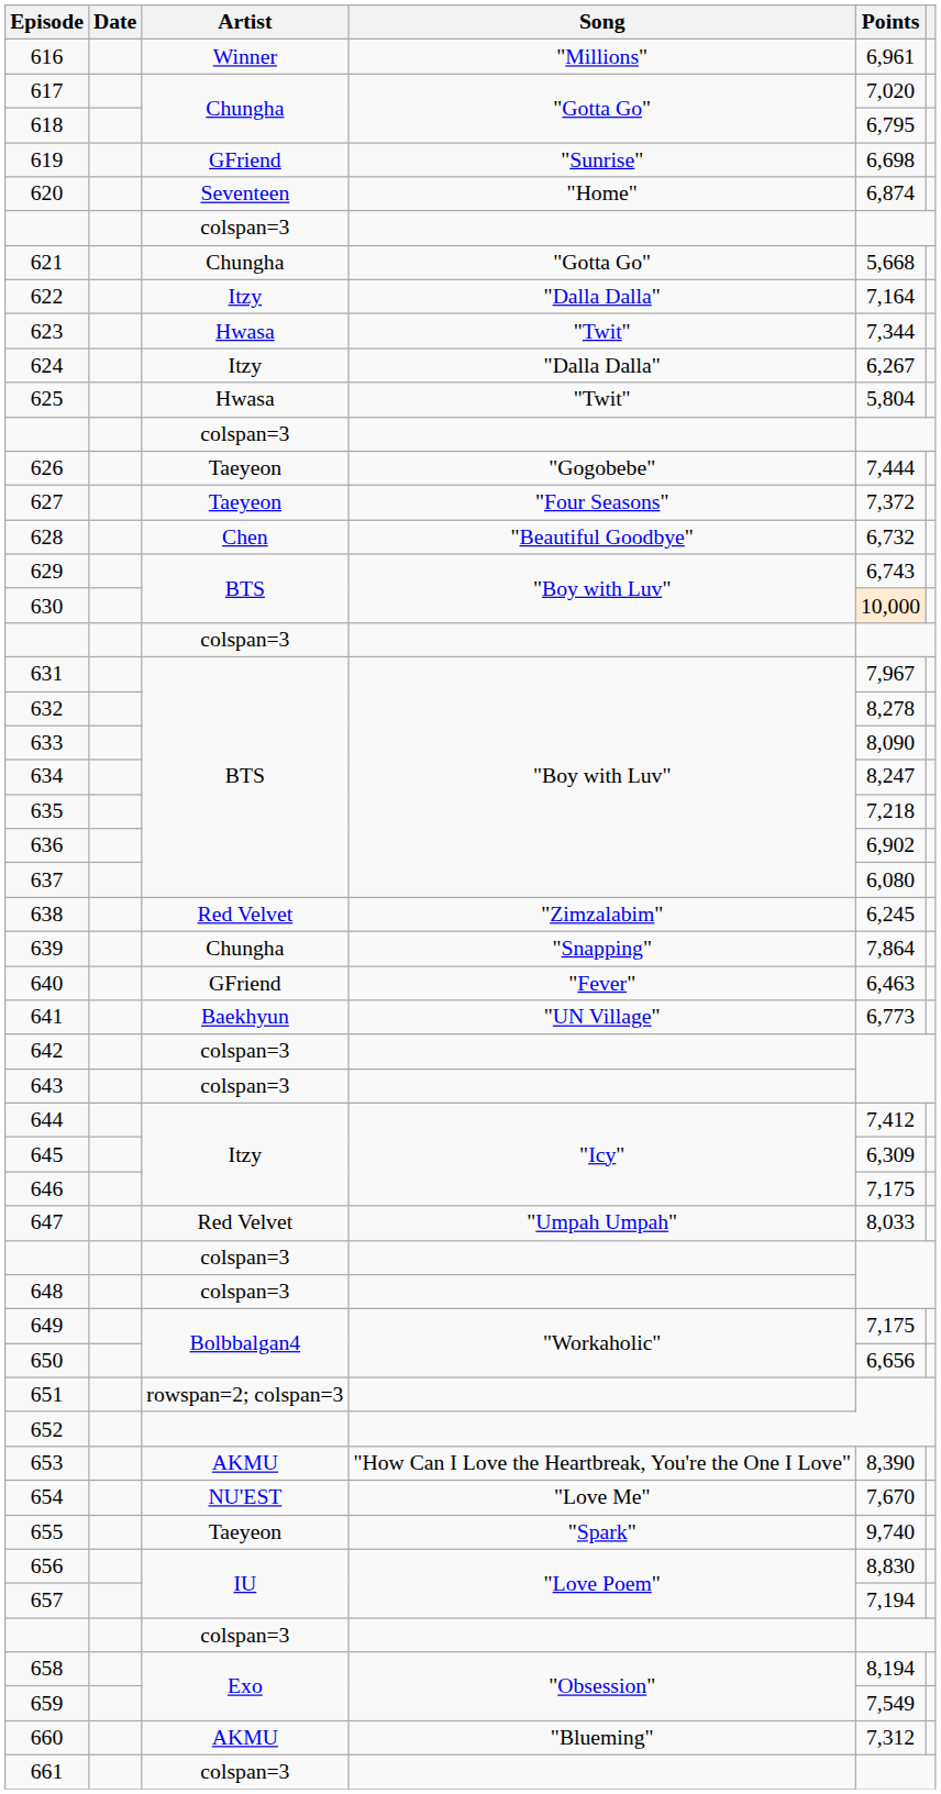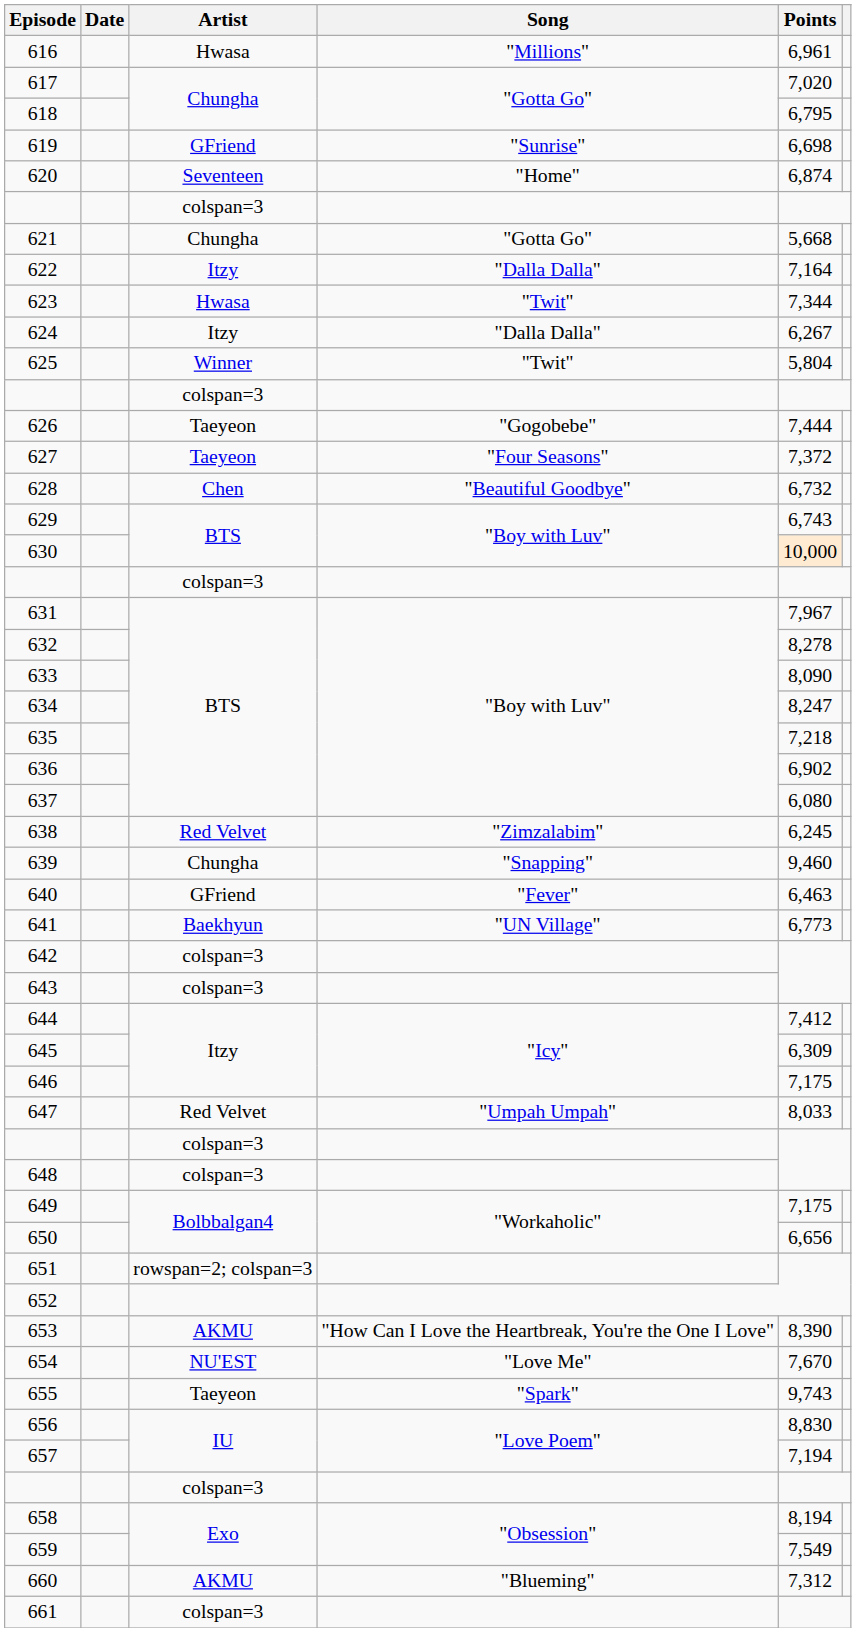 <table class="sortable wikitable" style="text-align:center">
 <tr>
 <th>Episode</th>
 <th>Date</th>
 <th>Artist</th>
 <th>Song</th>
 <th>Points</th>
 <th class="unsortable"></th>
 </tr>
 <tr>
 <td>616</td>
 <td></td>
-<td><a href='#'>Winner</a></td>
+<td>Hwasa</td>
 <td>"<a href='#'>Millions</a>"</td>
 <td>6,961</td>
 <td></td>
 </tr>
 <tr>
 <td>617</td>
 <td></td>
 <td rowspan="2"><a href='#'>Chungha</a></td>
 <td rowspan="2">"<a href='#'>Gotta Go</a>"</td>
 <td>7,020</td>
 <td></td>
 </tr>
 <tr>
 <td>618</td>
 <td></td>
 <td>6,795</td>
 <td></td>
 </tr>
 <tr>
 <td>619</td>
 <td></td>
 <td><a href='#'>GFriend</a></td>
 <td>"<a href='#'>Sunrise</a>"</td>
 <td>6,698</td>
 <td></td>
 </tr>
 <tr>
 <td>620</td>
 <td></td>
 <td><a href='#'>Seventeen</a></td>
 <td>"Home"</td>
 <td>6,874</td>
 <td></td>
 </tr>
 <tr>
 <td></td>
 <td></td>
 <td>colspan=3 </td>
 <td></td>
 </tr>
 <tr>
 <td>621</td>
 <td></td>
 <td>Chungha</td>
 <td>"Gotta Go"</td>
 <td>5,668</td>
 <td></td>
 </tr>
 <tr>
 <td>622</td>
 <td></td>
 <td><a href='#'>Itzy</a></td>
 <td>"<a href='#'>Dalla Dalla</a>"</td>
 <td>7,164</td>
 <td></td>
 </tr>
 <tr>
 <td>623</td>
 <td></td>
 <td><a href='#'>Hwasa</a></td>
 <td>"<a href='#'>Twit</a>"</td>
 <td>7,344</td>
 <td></td>
 </tr>
 <tr>
 <td>624</td>
 <td></td>
 <td>Itzy</td>
 <td>"Dalla Dalla"</td>
 <td>6,267</td>
 <td></td>
 </tr>
 <tr>
 <td>625</td>
 <td></td>
-<td>Hwasa</td>
+<td><a href='#'>Winner</a></td>
 <td>"Twit"</td>
 <td>5,804</td>
 <td></td>
 </tr>
 <tr>
 <td></td>
 <td></td>
 <td>colspan=3 </td>
 <td></td>
 </tr>
 <tr>
 <td>626</td>
 <td></td>
 <td>Taeyeon</td>
 <td>"Gogobebe"</td>
 <td>7,444</td>
 <td></td>
 </tr>
 <tr>
 <td>627</td>
 <td></td>
 <td><a href='#'>Taeyeon</a></td>
 <td>"<a href='#'>Four Seasons</a>"</td>
 <td>7,372</td>
 <td></td>
 </tr>
 <tr>
 <td>628</td>
 <td></td>
 <td><a href='#'>Chen</a></td>
 <td>"<a href='#'>Beautiful Goodbye</a>"</td>
 <td>6,732</td>
 <td></td>
 </tr>
 <tr>
 <td>629</td>
 <td></td>
 <td rowspan="2"><a href='#'>BTS</a></td>
 <td rowspan="2">"<a href='#'>Boy with Luv</a>"</td>
 <td>6,743</td>
 <td></td>
 </tr>
 <tr>
 <td>630</td>
 <td></td>
 <td style='background: #ffebd2;'>10,000</td>
 <td></td>
 </tr>
 <tr>
 <td></td>
 <td></td>
 <td>colspan=3 </td>
 <td></td>
 </tr>
 <tr>
 <td>631</td>
 <td></td>
 <td rowspan="7">BTS</td>
 <td rowspan="7">"Boy with Luv"</td>
 <td>7,967</td>
 <td></td>
 </tr>
 <tr>
 <td>632</td>
 <td></td>
 <td>8,278</td>
 <td></td>
 </tr>
 <tr>
 <td>633</td>
 <td></td>
 <td>8,090</td>
 <td></td>
 </tr>
 <tr>
 <td>634</td>
 <td></td>
 <td>8,247</td>
 <td></td>
 </tr>
 <tr>
 <td>635</td>
 <td></td>
 <td>7,218</td>
 <td></td>
 </tr>
 <tr>
 <td>636</td>
 <td></td>
 <td>6,902</td>
 <td></td>
 </tr>
 <tr>
 <td>637</td>
 <td></td>
 <td>6,080</td>
 <td></td>
 </tr>
 <tr>
 <td>638</td>
 <td></td>
 <td><a href='#'>Red Velvet</a></td>
 <td>"<a href='#'>Zimzalabim</a>"</td>
 <td>6,245</td>
 <td></td>
 </tr>
 <tr>
 <td>639</td>
 <td></td>
 <td>Chungha</td>
 <td>"<a href='#'>Snapping</a>"</td>
-<td>7,864</td>
+<td>9,460</td>
 <td></td>
 </tr>
 <tr>
 <td>640</td>
 <td></td>
 <td>GFriend</td>
 <td>"<a href='#'>Fever</a>"</td>
 <td>6,463</td>
 <td></td>
 </tr>
 <tr>
 <td>641</td>
 <td></td>
 <td><a href='#'>Baekhyun</a></td>
 <td>"<a href='#'>UN Village</a>"</td>
 <td>6,773</td>
 <td></td>
 </tr>
 <tr>
 <td>642</td>
 <td></td>
 <td>colspan=3 </td>
 <td></td>
 </tr>
 <tr>
 <td>643</td>
 <td></td>
 <td>colspan=3 </td>
 <td></td>
 </tr>
 <tr>
 <td>644</td>
 <td></td>
 <td rowspan="3">Itzy</td>
 <td rowspan="3">"<a href='#'>Icy</a>"</td>
 <td>7,412</td>
 <td></td>
 </tr>
 <tr>
 <td>645</td>
 <td></td>
 <td>6,309</td>
 <td></td>
 </tr>
 <tr>
 <td>646</td>
 <td></td>
 <td>7,175</td>
 <td></td>
 </tr>
 <tr>
 <td>647</td>
 <td></td>
 <td>Red Velvet</td>
 <td>"<a href='#'>Umpah Umpah</a>"</td>
 <td>8,033</td>
 <td></td>
 </tr>
 <tr>
 <td></td>
 <td></td>
 <td>colspan=3 </td>
 <td></td>
 </tr>
 <tr>
 <td>648</td>
 <td></td>
 <td>colspan=3 </td>
 <td></td>
 </tr>
 <tr>
 <td>649</td>
 <td></td>
 <td rowspan="2"><a href='#'>Bolbbalgan4</a></td>
 <td rowspan="2">"Workaholic"</td>
 <td>7,175</td>
 <td></td>
 </tr>
 <tr>
 <td>650</td>
 <td></td>
 <td>6,656</td>
 <td></td>
 </tr>
 <tr>
 <td>651</td>
 <td></td>
 <td>rowspan=2; colspan=3 </td>
 <td></td>
 </tr>
 <tr>
 <td>652</td>
 <td></td>
 <td></td>
 </tr>
 <tr>
 <td>653</td>
 <td></td>
 <td><a href='#'>AKMU</a></td>
 <td>"How Can I Love the Heartbreak, You're the One I Love"</td>
 <td>8,390</td>
 <td></td>
 </tr>
 <tr>
 <td>654</td>
 <td></td>
 <td><a href='#'>NU'EST</a></td>
 <td>"Love Me"</td>
 <td>7,670</td>
 <td></td>
 </tr>
 <tr>
 <td>655</td>
 <td></td>
 <td>Taeyeon</td>
 <td>"<a href='#'>Spark</a>"</td>
-<td>9,740</td>
+<td>9,743</td>
 <td></td>
 </tr>
 <tr>
 <td>656</td>
 <td></td>
 <td rowspan=2><a href='#'>IU</a></td>
 <td rowspan=2>"<a href='#'>Love Poem</a>"</td>
 <td>8,830</td>
 <td></td>
 </tr>
 <tr>
 <td>657</td>
 <td></td>
 <td>7,194</td>
 <td></td>
 </tr>
 <tr>
 <td></td>
 <td></td>
 <td>colspan=3 </td>
 <td></td>
 </tr>
 <tr>
 <td>658</td>
 <td></td>
 <td rowspan="2"><a href='#'>Exo</a></td>
 <td rowspan="2">"<a href='#'>Obsession</a>"</td>
 <td>8,194</td>
 <td></td>
 </tr>
 <tr>
 <td>659</td>
 <td></td>
 <td>7,549</td>
 <td></td>
 </tr>
 <tr>
 <td>660</td>
 <td></td>
 <td><a href='#'>AKMU</a></td>
 <td>"Blueming"</td>
 <td>7,312</td>
 <td></td>
 </tr>
 <tr>
 <td>661</td>
 <td></td>
 <td>colspan=3 </td>
 <td></td>
 </tr>
 <tr>
 </tr>
 </table>
